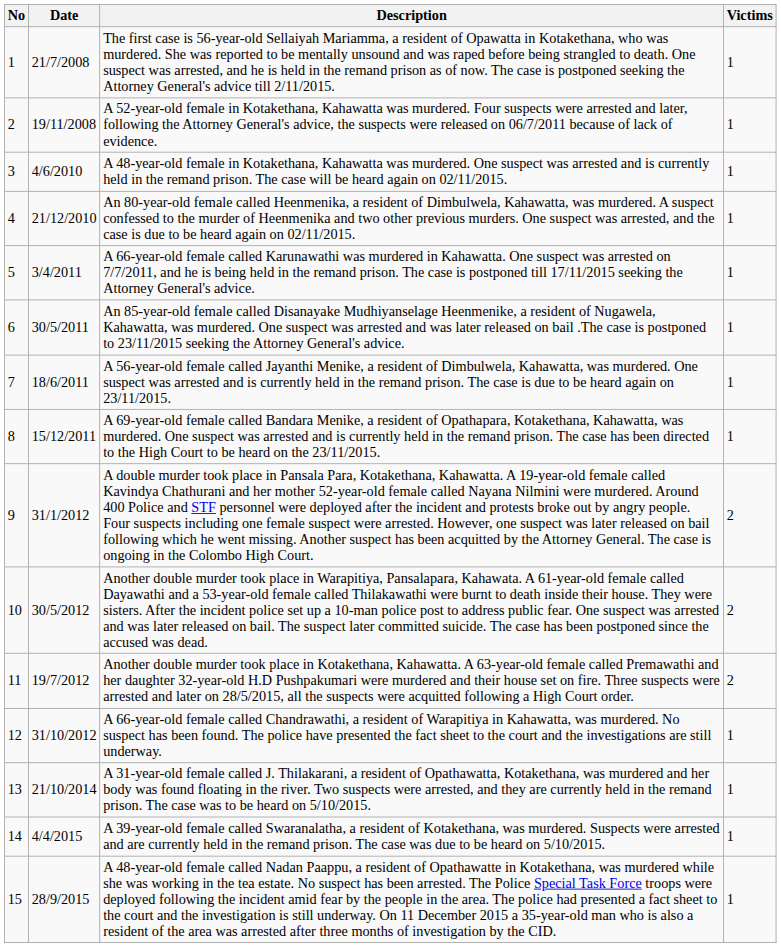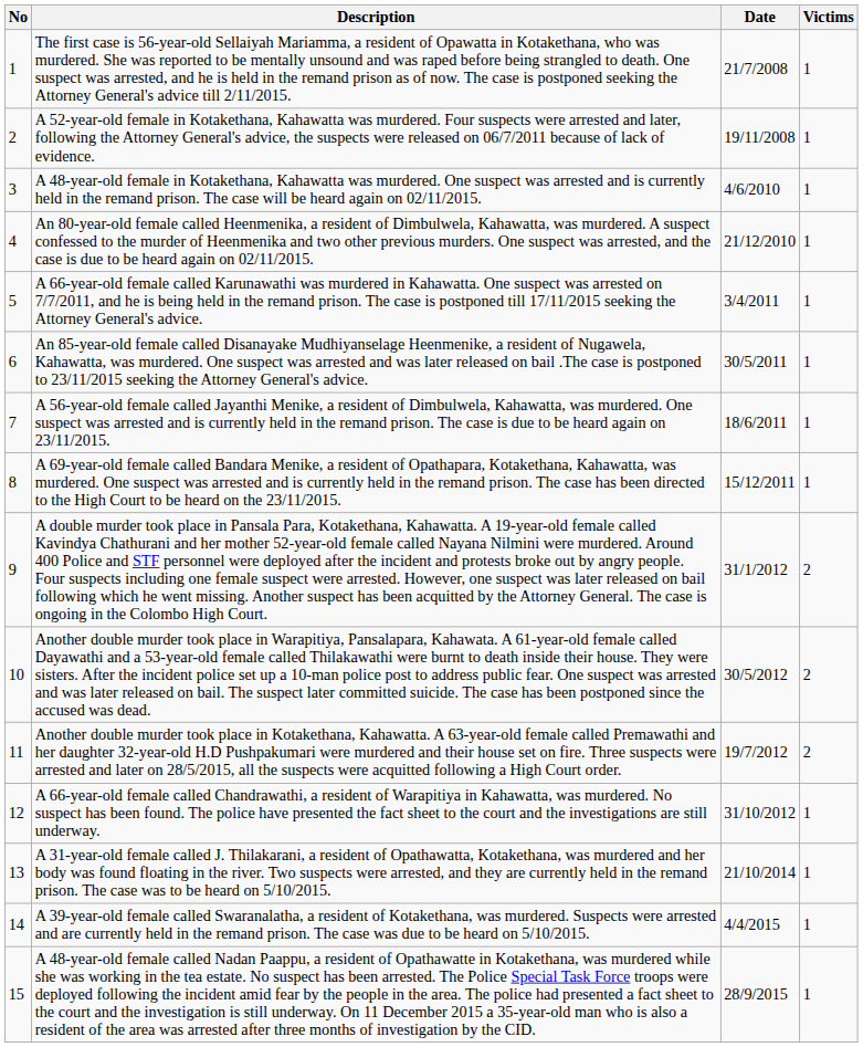 <table class="wikitable sortable">
 <tr>
 <th>No</th>
+<th>Description</th>
 <th>Date</th>
-<th>Description</th>
 <th>Victims</th>
 </tr>
 <tr>
 <td>1</td>
+<td>The first case is 56-year-old Sellaiyah Mariamma, a resident of Opawatta in Kotakethana, who was murdered. She was reported to be mentally unsound and was raped before being strangled to death. One suspect was arrested, and he is  held in the remand prison as of now. The case is postponed seeking the Attorney General's advice till 2/11/2015.</td>
 <td>21/7/2008</td>
-<td>The first case is 56-year-old Sellaiyah Mariamma, a resident of Opawatta in Kotakethana, who was murdered. She was reported to be mentally unsound and was raped before being strangled to death. One suspect was arrested, and he is  held in the remand prison as of now. The case is postponed seeking the Attorney General's advice till 2/11/2015.</td>
 <td>1</td>
 </tr>
 <tr>
 <td>2</td>
+<td>A 52-year-old female in Kotakethana, Kahawatta was murdered. Four suspects were arrested and later, following the Attorney General's advice, the suspects were released on 06/7/2011 because of lack of evidence.</td>
 <td>19/11/2008</td>
-<td>A 52-year-old female in Kotakethana, Kahawatta was murdered. Four suspects were arrested and later, following the Attorney General's advice, the suspects were released on 06/7/2011 because of lack of evidence.</td>
 <td>1</td>
 </tr>
 <tr>
 <td>3</td>
+<td>A 48-year-old female in Kotakethana, Kahawatta was murdered. One suspect was arrested and is currently held in the remand prison. The case will be heard again on 02/11/2015.</td>
 <td>4/6/2010</td>
-<td>A 48-year-old female in Kotakethana, Kahawatta was murdered. One suspect was arrested and is currently held in the remand prison. The case will be heard again on 02/11/2015.</td>
 <td>1</td>
 </tr>
 <tr>
 <td>4</td>
+<td>An 80-year-old female called Heenmenika, a resident of Dimbulwela, Kahawatta, was murdered. A suspect confessed to the murder of  Heenmenika and two other previous murders. One suspect was arrested, and the case is due to be heard again on 02/11/2015.</td>
 <td>21/12/2010</td>
-<td>An 80-year-old female called Heenmenika, a resident of Dimbulwela, Kahawatta, was murdered. A suspect confessed to the murder of  Heenmenika and two other previous murders. One suspect was arrested, and the case is due to be heard again on 02/11/2015.</td>
 <td>1</td>
 </tr>
 <tr>
 <td>5</td>
+<td>A 66-year-old female called Karunawathi was murdered in Kahawatta. One suspect was arrested on 7/7/2011, and he is being held in the remand prison. The case is postponed till 17/11/2015 seeking the Attorney General's advice.</td>
 <td>3/4/2011</td>
-<td>A 66-year-old female called Karunawathi was murdered in Kahawatta. One suspect was arrested on 7/7/2011, and he is being held in the remand prison. The case is postponed till 17/11/2015 seeking the Attorney General's advice.</td>
 <td>1</td>
 </tr>
 <tr>
 <td>6</td>
+<td>An 85-year-old female called Disanayake Mudhiyanselage Heenmenike, a resident of Nugawela, Kahawatta, was murdered. One suspect was arrested and was later released on bail .The case is postponed to 23/11/2015 seeking the Attorney General's advice.</td>
 <td>30/5/2011</td>
-<td>An 85-year-old female called Disanayake Mudhiyanselage Heenmenike, a resident of Nugawela, Kahawatta, was murdered. One suspect was arrested and was later released on bail .The case is postponed to 23/11/2015 seeking the Attorney General's advice.</td>
 <td>1</td>
 </tr>
 <tr>
 <td>7</td>
+<td>A 56-year-old female called Jayanthi Menike, a resident of Dimbulwela, Kahawatta, was murdered. One suspect was arrested and is currently held in the remand prison. The case is due to be heard again on 23/11/2015.</td>
 <td>18/6/2011</td>
-<td>A 56-year-old female called Jayanthi Menike, a resident of Dimbulwela, Kahawatta, was murdered. One suspect was arrested and is currently held in the remand prison. The case is due to be heard again on 23/11/2015.</td>
 <td>1</td>
 </tr>
 <tr>
 <td>8</td>
+<td>A 69-year-old female called Bandara Menike, a resident of Opathapara, Kotakethana, Kahawatta, was murdered. One suspect was arrested and is currently held in the remand prison. The case has been directed to the High Court to be heard on the 23/11/2015.</td>
 <td>15/12/2011</td>
-<td>A 69-year-old female called Bandara Menike, a resident of Opathapara, Kotakethana, Kahawatta, was murdered. One suspect was arrested and is currently held in the remand prison. The case has been directed to the High Court to be heard on the 23/11/2015.</td>
 <td>1</td>
 </tr>
 <tr>
 <td>9</td>
+<td>A double murder took place in Pansala Para, Kotakethana, Kahawatta. A 19-year-old female called Kavindya Chathurani and her mother 52-year-old female called Nayana Nilmini were murdered. Around 400 Police and <a href='#'>STF</a> personnel were deployed after the incident and protests broke out by angry people. Four suspects including one female suspect were arrested. However, one suspect was later released on bail following which he went missing. Another suspect has been acquitted by the Attorney General. The case is ongoing in the Colombo High Court.</td>
 <td>31/1/2012</td>
-<td>A double murder took place in Pansala Para, Kotakethana, Kahawatta. A 19-year-old female called Kavindya Chathurani and her mother 52-year-old female called Nayana Nilmini were murdered. Around 400 Police and <a href='#'>STF</a> personnel were deployed after the incident and protests broke out by angry people. Four suspects including one female suspect were arrested. However, one suspect was later released on bail following which he went missing. Another suspect has been acquitted by the Attorney General. The case is ongoing in the Colombo High Court.</td>
 <td>2</td>
 </tr>
 <tr>
 <td>10</td>
+<td>Another double murder took place in Warapitiya, Pansalapara, Kahawata. A 61-year-old female called Dayawathi and a 53-year-old female called Thilakawathi were burnt to death inside their house. They were sisters. After the incident police set up a 10-man police post to address public fear. One suspect was arrested and was later released on bail. The suspect later committed suicide. The case has been postponed since the accused was dead.</td>
 <td>30/5/2012</td>
-<td>Another double murder took place in Warapitiya, Pansalapara, Kahawata. A 61-year-old female called Dayawathi and a 53-year-old female called Thilakawathi were burnt to death inside their house. They were sisters. After the incident police set up a 10-man police post to address public fear. One suspect was arrested and was later released on bail. The suspect later committed suicide. The case has been postponed since the accused was dead.</td>
 <td>2</td>
 </tr>
 <tr>
 <td>11</td>
+<td>Another double murder took place in Kotakethana, Kahawatta. A 63-year-old female called Premawathi and her daughter 32-year-old H.D Pushpakumari were murdered and their house set on fire. Three suspects were arrested and later on 28/5/2015, all the suspects were acquitted following a High Court order.</td>
 <td>19/7/2012</td>
-<td>Another double murder took place in Kotakethana, Kahawatta. A 63-year-old female called Premawathi and her daughter 32-year-old H.D Pushpakumari were murdered and their house set on fire. Three suspects were arrested and later on 28/5/2015, all the suspects were acquitted following a High Court order.</td>
 <td>2</td>
 </tr>
 <tr>
 <td>12</td>
+<td>A 66-year-old female called Chandrawathi, a resident of Warapitiya in Kahawatta, was murdered. No suspect has been found. The police have presented the fact sheet to the court and the investigations are still underway.</td>
 <td>31/10/2012</td>
-<td>A 66-year-old female called Chandrawathi, a resident of Warapitiya in Kahawatta, was murdered. No suspect has been found. The police have presented the fact sheet to the court and the investigations are still underway.</td>
 <td>1</td>
 </tr>
 <tr>
 <td>13</td>
+<td>A 31-year-old female called J. Thilakarani, a resident of Opathawatta, Kotakethana, was murdered and her body was found floating in the river. Two suspects were arrested, and they are currently held in the remand prison. The case was to be heard on 5/10/2015.</td>
 <td>21/10/2014</td>
-<td>A 31-year-old female called J. Thilakarani, a resident of Opathawatta, Kotakethana, was murdered and her body was found floating in the river. Two suspects were arrested, and they are currently held in the remand prison. The case was to be heard on 5/10/2015.</td>
 <td>1</td>
 </tr>
 <tr>
 <td>14</td>
+<td>A 39-year-old female called Swaranalatha, a resident of Kotakethana, was murdered. Suspects were arrested and are currently held in the remand prison. The case was due to be heard on 5/10/2015.</td>
 <td>4/4/2015</td>
-<td>A 39-year-old female called Swaranalatha, a resident of Kotakethana, was murdered. Suspects were arrested and are currently held in the remand prison. The case was due to be heard on 5/10/2015.</td>
 <td>1</td>
 </tr>
 <tr>
 <td>15</td>
+<td>A 48-year-old female called Nadan Paappu, a resident of Opathawatte in Kotakethana, was murdered while she was working in the tea estate. No suspect has been arrested. The Police <a href='#'>Special Task Force</a> troops were deployed following the incident amid fear by the people in the area. The police had presented a fact sheet to the court and the investigation is still underway. On 11 December 2015 a 35-year-old man who is also a resident of the area was arrested after three months of investigation by the CID.</td>
 <td>28/9/2015</td>
-<td>A 48-year-old female called Nadan Paappu, a resident of Opathawatte in Kotakethana, was murdered while she was working in the tea estate. No suspect has been arrested. The Police <a href='#'>Special Task Force</a> troops were deployed following the incident amid fear by the people in the area. The police had presented a fact sheet to the court and the investigation is still underway. On 11 December 2015 a 35-year-old man who is also a resident of the area was arrested after three months of investigation by the CID.</td>
 <td>1</td>
 </tr>
 </table>
